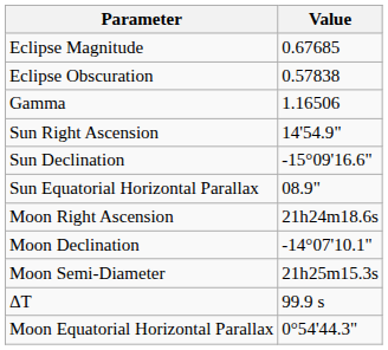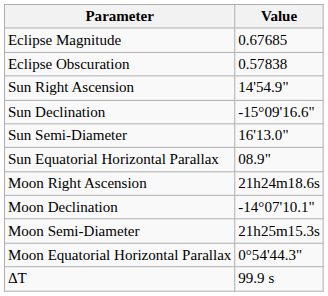 <table class="wikitable">
 <tr>
 <th>Parameter</th>
 <th>Value</th>
 </tr>
 <tr>
 <td>Eclipse Magnitude</td>
 <td>0.67685</td>
 </tr>
 <tr>
 <td>Eclipse Obscuration</td>
 <td>0.57838</td>
 </tr>
 <tr>
-<td>Gamma</td>
-<td>1.16506</td>
-</tr>
-<tr>
 <td>Sun Right Ascension</td>
 <td>14'54.9"</td>
 </tr>
 <tr>
 <td>Sun Declination</td>
 <td>-15°09'16.6"</td>
+</tr>
+<tr>
+<td>Sun Semi-Diameter</td>
+<td>16'13.0"</td>
 </tr>
 <tr>
 <td>Sun Equatorial Horizontal Parallax</td>
 <td>08.9"</td>
 </tr>
 <tr>
 <td>Moon Right Ascension</td>
 <td>21h24m18.6s</td>
 </tr>
 <tr>
 <td>Moon Declination</td>
 <td>-14°07'10.1"</td>
 </tr>
 <tr>
 <td>Moon Semi-Diameter</td>
 <td>21h25m15.3s</td>
 </tr>
 <tr>
+<td>Moon Equatorial Horizontal Parallax</td>
+<td>0°54'44.3"</td>
+</tr>
+<tr>
 <td>ΔT</td>
 <td>99.9 s</td>
 </tr>
-<tr>
-<td>Moon Equatorial Horizontal Parallax</td>
-<td>0°54'44.3"</td>
-</tr>
 </table>
